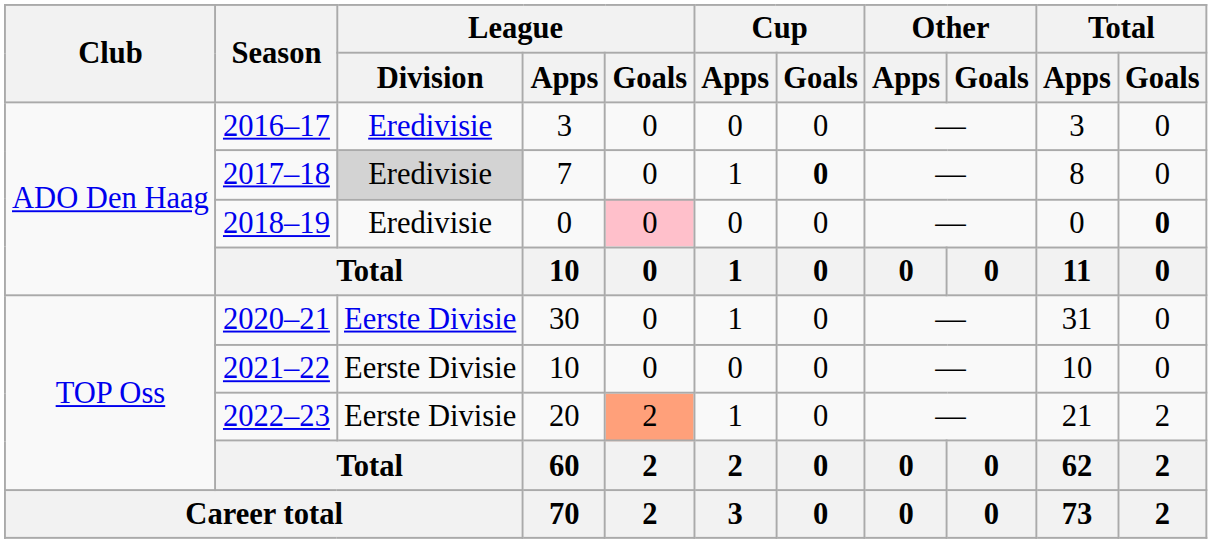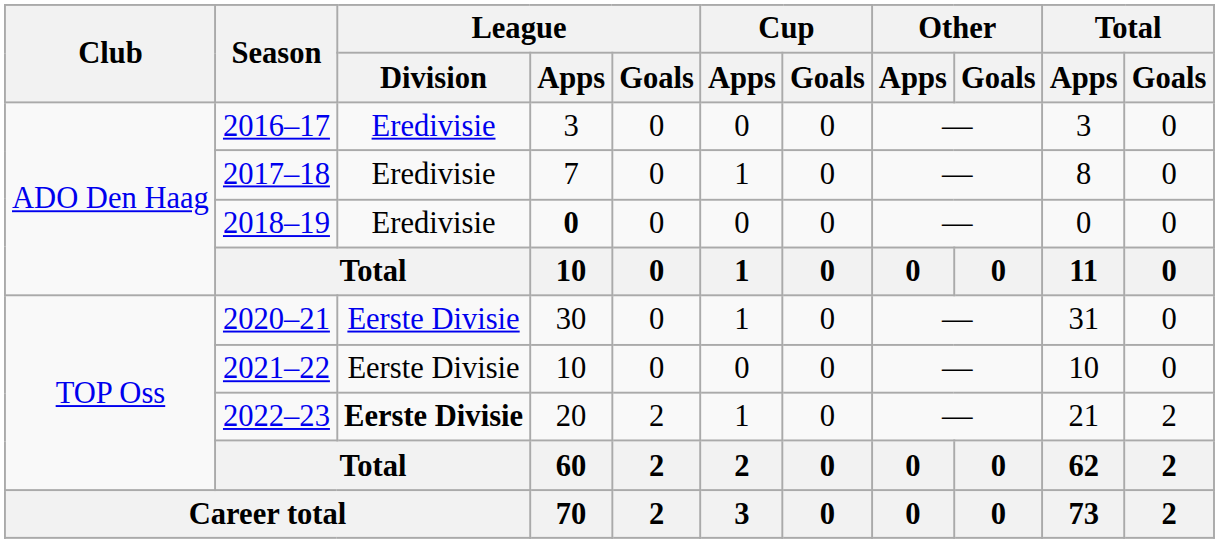 <table class="wikitable" style="text-align:center">
 <tr>
 <th rowspan="2">Club</th>
 <th rowspan="2">Season</th>
 <th colspan="3">League</th>
 <th colspan="2">Cup</th>
 <th colspan="2">Other</th>
 <th colspan="2">Total</th>
 </tr>
 <tr>
 <th>Division</th>
 <th>Apps</th>
 <th>Goals</th>
 <th>Apps</th>
 <th>Goals</th>
 <th>Apps</th>
 <th>Goals</th>
 <th>Apps</th>
 <th>Goals</th>
 </tr>
 <tr>
 <td rowspan="4"><a href='#'>ADO Den Haag</a></td>
 <td><a href='#'>2016–17</a></td>
 <td><a href='#'>Eredivisie</a></td>
 <td>3</td>
 <td>0</td>
 <td>0</td>
 <td>0</td>
 <td colspan="2">—</td>
 <td>3</td>
 <td>0</td>
 </tr>
 <tr>
 <td><a href='#'>2017–18</a></td>
-<td style="background: lightgrey;">Eredivisie</td>
+<td>Eredivisie</td>
 <td>7</td>
 <td>0</td>
 <td>1</td>
-<td><strong>0</strong></td>
+<td>0</td>
 <td colspan="2">—</td>
 <td>8</td>
 <td>0</td>
 </tr>
 <tr>
 <td><a href='#'>2018–19</a></td>
 <td>Eredivisie</td>
+<td><strong>0</strong></td>
 <td>0</td>
-<td style="background: pink;">0</td>
 <td>0</td>
 <td>0</td>
 <td colspan="2">—</td>
 <td>0</td>
-<td><strong>0</strong></td>
+<td>0</td>
 </tr>
 <tr>
 <th colspan="2">Total</th>
 <th>10</th>
 <th>0</th>
 <th>1</th>
 <th>0</th>
 <th>0</th>
 <th>0</th>
 <th>11</th>
 <th>0</th>
 </tr>
 <tr>
 <td rowspan="4"><a href='#'>TOP Oss</a></td>
 <td><a href='#'>2020–21</a></td>
 <td><a href='#'>Eerste Divisie</a></td>
 <td>30</td>
 <td>0</td>
 <td>1</td>
 <td>0</td>
 <td colspan="2">—</td>
 <td>31</td>
 <td>0</td>
 </tr>
 <tr>
 <td><a href='#'>2021–22</a></td>
 <td>Eerste Divisie</td>
 <td>10</td>
 <td>0</td>
 <td>0</td>
 <td>0</td>
 <td colspan="2">—</td>
 <td>10</td>
 <td>0</td>
 </tr>
 <tr>
 <td><a href='#'>2022–23</a></td>
-<td>Eerste Divisie</td>
+<td><strong>Eerste Divisie</strong></td>
 <td>20</td>
-<td style="background: lightsalmon;">2</td>
+<td>2</td>
 <td>1</td>
 <td>0</td>
 <td colspan="2">—</td>
 <td>21</td>
 <td>2</td>
 </tr>
 <tr>
 <th colspan="2">Total</th>
 <th>60</th>
 <th>2</th>
 <th>2</th>
 <th>0</th>
 <th>0</th>
 <th>0</th>
 <th>62</th>
 <th>2</th>
 </tr>
 <tr>
 <th colspan="3">Career total</th>
 <th>70</th>
 <th>2</th>
 <th>3</th>
 <th>0</th>
 <th>0</th>
 <th>0</th>
 <th>73</th>
 <th>2</th>
 </tr>
 </table>
